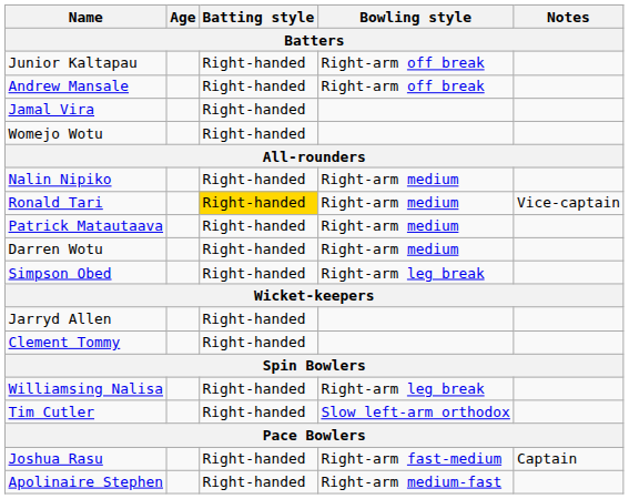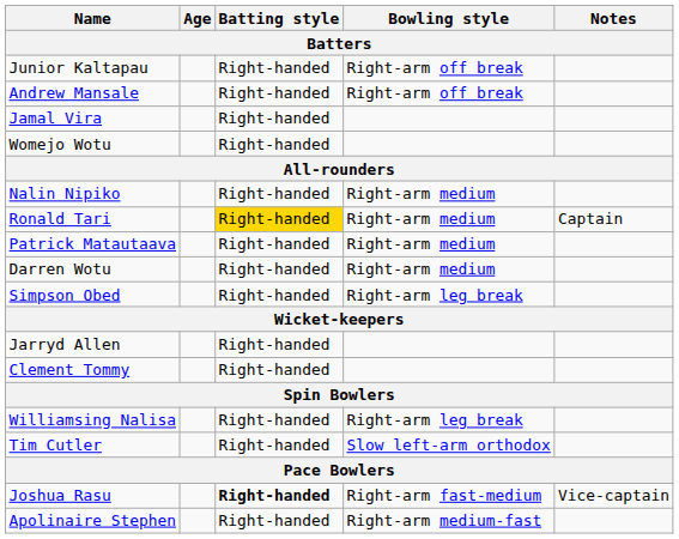 <table class="wikitable">
 <tr>
 <th style="text-align:center;">Name</th>
 <th style="text-align:center;">Age</th>
 <th style="text-align:center;">Batting style</th>
 <th style="text-align:center;">Bowling style</th>
 <th style="text-align:center;">Notes</th>
 </tr>
 <tr>
 <th colspan="5">Batters</th>
 </tr>
 <tr>
 <td>Junior Kaltapau</td>
 <td></td>
 <td>Right-handed</td>
 <td>Right-arm <a href='#'>off break</a></td>
 <td></td>
 </tr>
 <tr>
 <td><a href='#'>Andrew Mansale</a></td>
 <td></td>
 <td>Right-handed</td>
 <td>Right-arm <a href='#'>off break</a></td>
 <td></td>
 </tr>
 <tr>
 <td><a href='#'>Jamal Vira</a></td>
 <td></td>
 <td>Right-handed</td>
 <td></td>
 <td></td>
 </tr>
 <tr>
 <td>Womejo Wotu</td>
 <td></td>
 <td>Right-handed</td>
 <td></td>
 <td></td>
 </tr>
 <tr>
 <th colspan="5">All-rounders</th>
 </tr>
 <tr>
 <td><a href='#'>Nalin Nipiko</a></td>
 <td></td>
 <td>Right-handed</td>
 <td>Right-arm <a href='#'>medium</a></td>
 <td></td>
 </tr>
 <tr>
 <td><a href='#'>Ronald Tari</a></td>
 <td></td>
 <td style="background: gold;">Right-handed</td>
 <td>Right-arm <a href='#'>medium</a></td>
-<td>Vice-captain</td>
+<td>Captain</td>
 </tr>
 <tr>
 <td><a href='#'>Patrick Matautaava</a></td>
 <td></td>
 <td>Right-handed</td>
 <td>Right-arm <a href='#'>medium</a></td>
 <td></td>
 </tr>
 <tr>
 <td>Darren Wotu</td>
 <td></td>
 <td>Right-handed</td>
 <td>Right-arm <a href='#'>medium</a></td>
 <td></td>
 </tr>
 <tr>
 <td><a href='#'>Simpson Obed</a></td>
 <td></td>
 <td>Right-handed</td>
 <td>Right-arm <a href='#'>leg break</a></td>
 <td></td>
 </tr>
 <tr>
 <th colspan="5">Wicket-keepers</th>
 </tr>
 <tr>
 <td>Jarryd Allen</td>
 <td></td>
 <td>Right-handed</td>
 <td></td>
 <td></td>
 </tr>
 <tr>
 <td><a href='#'>Clement Tommy</a></td>
 <td></td>
 <td>Right-handed</td>
 <td></td>
 <td></td>
 </tr>
 <tr>
 <th colspan="5">Spin Bowlers</th>
 </tr>
 <tr>
 <td><a href='#'>Williamsing Nalisa</a></td>
 <td></td>
 <td>Right-handed</td>
 <td>Right-arm <a href='#'>leg break</a></td>
 <td></td>
 </tr>
 <tr>
 <td><a href='#'>Tim Cutler</a></td>
 <td></td>
 <td>Right-handed</td>
 <td><a href='#'>Slow left-arm orthodox</a></td>
 <td></td>
 </tr>
 <tr>
 <th colspan="5">Pace Bowlers</th>
 </tr>
 <tr>
 <td><a href='#'>Joshua Rasu</a></td>
 <td></td>
-<td>Right-handed</td>
+<td><strong>Right-handed</strong></td>
 <td>Right-arm <a href='#'>fast-medium</a></td>
-<td>Captain</td>
+<td>Vice-captain</td>
 </tr>
 <tr>
 <td><a href='#'>Apolinaire Stephen</a></td>
 <td></td>
 <td>Right-handed</td>
 <td>Right-arm <a href='#'>medium-fast</a></td>
 <td></td>
 </tr>
 </table>
